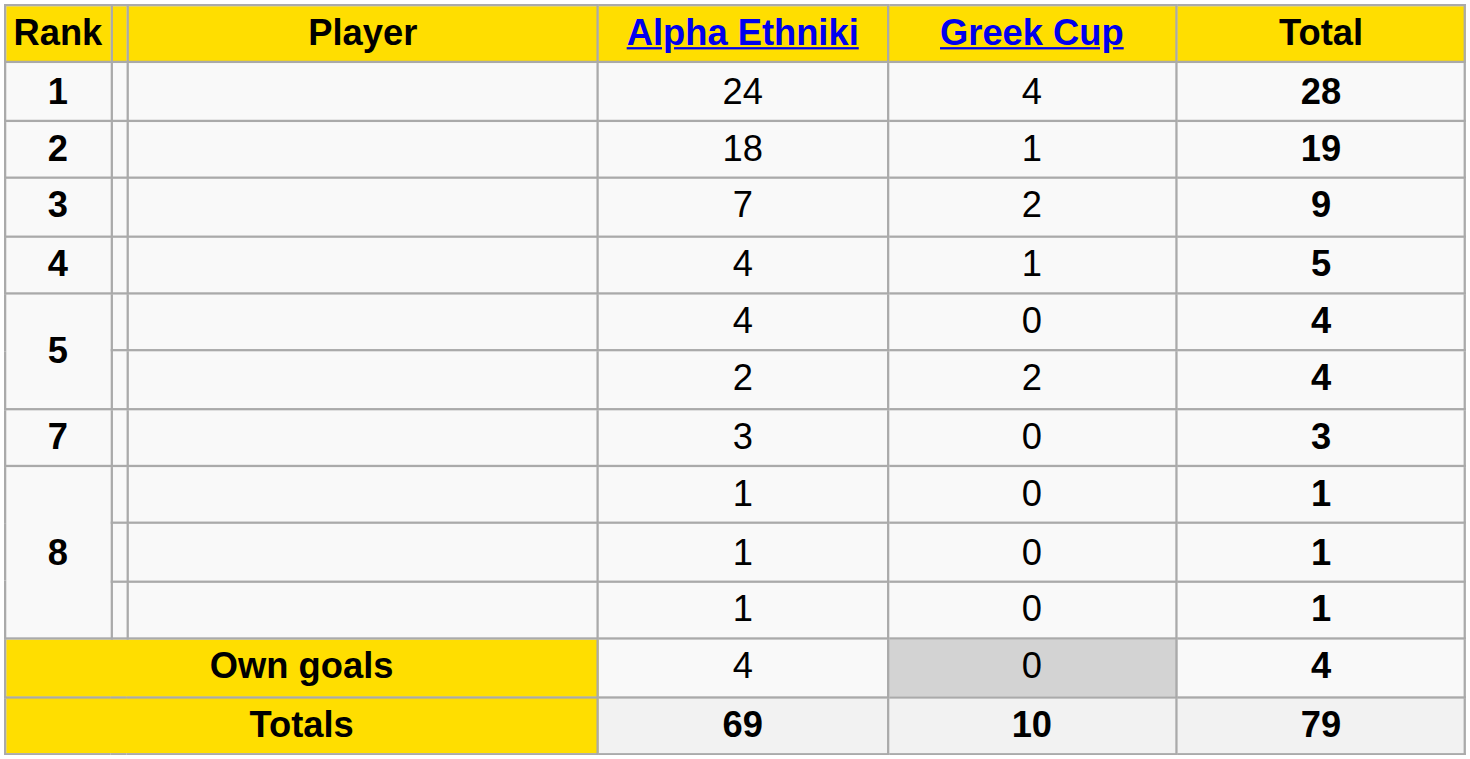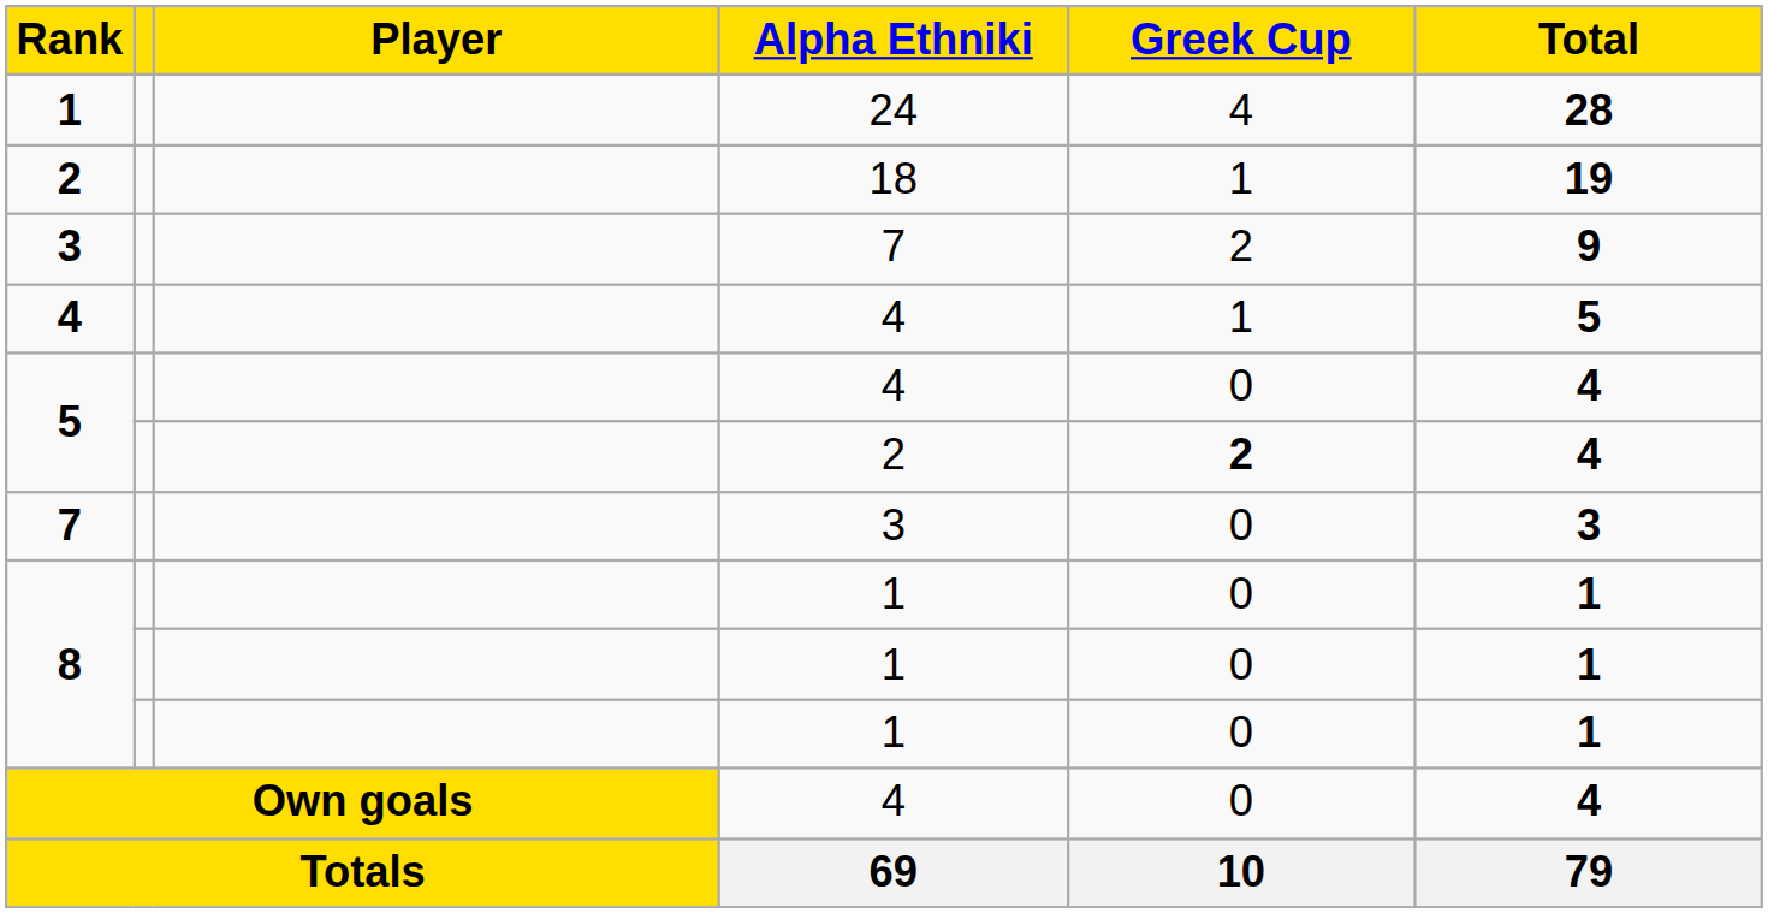 <table class="wikitable sortable" style="text-align: center">
 <tr>
 <th style="background:#FFDE00">Rank</th>
 <th style="background:#FFDE00"></th>
 <th width=200 style="background:#FFDE00">Player</th>
 <th width=120 style="background:#FFDE00"><a href='#'>Alpha Ethniki</a></th>
 <th width=120 style="background:#FFDE00"><a href='#'>Greek Cup</a></th>
 <th width=120 style="background:#FFDE00">Total</th>
 </tr>
 <tr>
 <td><strong>1</strong></td>
 <td></td>
 <td align=left></td>
 <td>24</td>
 <td>4</td>
 <td><strong>28</strong></td>
 </tr>
 <tr>
 <td><strong>2</strong></td>
 <td></td>
 <td align=left></td>
 <td>18</td>
 <td>1</td>
 <td><strong>19</strong></td>
 </tr>
 <tr>
 <td><strong>3</strong></td>
 <td></td>
 <td align=left></td>
 <td>7</td>
 <td>2</td>
 <td><strong>9</strong></td>
 </tr>
 <tr>
 <td><strong>4</strong></td>
 <td></td>
 <td align=left></td>
 <td>4</td>
 <td>1</td>
 <td><strong>5</strong></td>
 </tr>
 <tr>
 <td rowspan=2><strong>5</strong></td>
 <td></td>
 <td align=left></td>
 <td>4</td>
 <td>0</td>
 <td><strong>4</strong></td>
 </tr>
 <tr>
 <td></td>
 <td align=left></td>
 <td>2</td>
-<td>2</td>
+<td><strong>2</strong></td>
 <td><strong>4</strong></td>
 </tr>
 <tr>
 <td><strong>7</strong></td>
 <td></td>
 <td align=left></td>
 <td>3</td>
 <td>0</td>
 <td><strong>3</strong></td>
 </tr>
 <tr>
 <td rowspan=3><strong>8</strong></td>
 <td></td>
 <td align=left></td>
 <td>1</td>
 <td>0</td>
 <td><strong>1</strong></td>
 </tr>
 <tr>
 <td></td>
 <td align=left></td>
 <td>1</td>
 <td>0</td>
 <td><strong>1</strong></td>
 </tr>
 <tr>
 <td></td>
 <td align=left></td>
 <td>1</td>
 <td>0</td>
 <td><strong>1</strong></td>
 </tr>
 <tr class="sortbottom">
 <td colspan=3 style="background:#FFDE00"><strong>Own goals</strong></td>
 <td>4</td>
-<td style="background: lightgrey;">0</td>
+<td>0</td>
 <td><strong>4</strong></td>
 </tr>
 <tr class="sortbottom">
 <th colspan=3 style="background:#FFDE00"><strong>Totals</strong></th>
 <th><strong>69</strong></th>
 <th><strong>10</strong></th>
 <th><strong>79</strong></th>
 </tr>
 </table>
